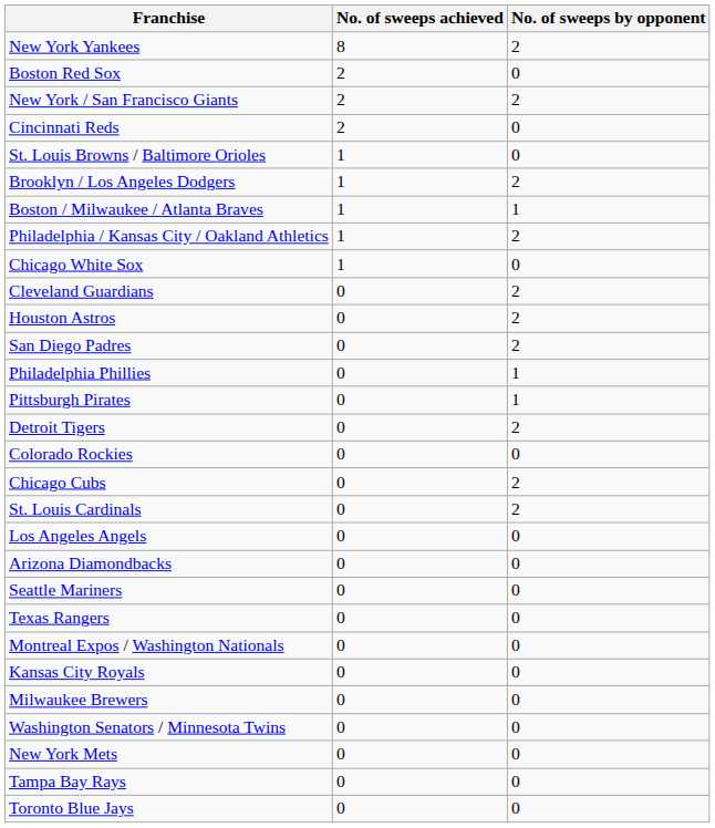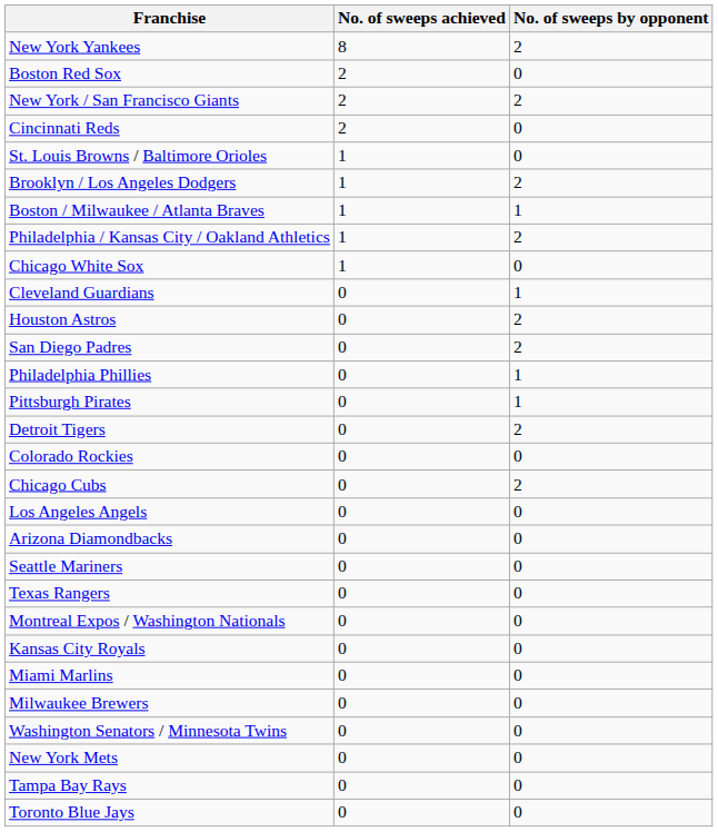 <table class="wikitable sortable plainrowheaders">
 <tr>
 <th scope="col">Franchise</th>
 <th scope="col">No. of sweeps achieved</th>
 <th scope="col">No. of sweeps by opponent</th>
 </tr>
 <tr>
 <td><a href='#'>New York Yankees</a></td>
 <td>8</td>
 <td>2</td>
 </tr>
 <tr>
 <td><a href='#'>Boston Red Sox</a></td>
 <td>2</td>
 <td>0</td>
 </tr>
 <tr>
 <td><a href='#'>New York / San Francisco Giants</a></td>
 <td>2</td>
 <td>2</td>
 </tr>
 <tr>
 <td><a href='#'>Cincinnati Reds</a></td>
 <td>2</td>
 <td>0</td>
 </tr>
 <tr>
 <td><a href='#'>St. Louis Browns</a> / <a href='#'>Baltimore Orioles</a></td>
 <td>1</td>
 <td>0</td>
 </tr>
 <tr>
 <td><a href='#'>Brooklyn / Los Angeles Dodgers</a></td>
 <td>1</td>
 <td>2</td>
 </tr>
 <tr>
 <td><a href='#'>Boston / Milwaukee / Atlanta Braves</a></td>
 <td>1</td>
 <td>1</td>
 </tr>
 <tr>
 <td><a href='#'>Philadelphia / Kansas City / Oakland Athletics</a></td>
 <td>1</td>
 <td>2</td>
 </tr>
 <tr>
 <td><a href='#'>Chicago White Sox</a></td>
 <td>1</td>
 <td>0</td>
 </tr>
 <tr>
 <td><a href='#'>Cleveland Guardians</a></td>
 <td>0</td>
-<td>2</td>
+<td>1</td>
 </tr>
 <tr>
 <td><a href='#'>Houston Astros</a></td>
 <td>0</td>
 <td>2</td>
 </tr>
 <tr>
 <td><a href='#'>San Diego Padres</a></td>
 <td>0</td>
 <td>2</td>
 </tr>
 <tr>
 <td><a href='#'>Philadelphia Phillies</a></td>
 <td>0</td>
 <td>1</td>
 </tr>
 <tr>
 <td><a href='#'>Pittsburgh Pirates</a></td>
 <td>0</td>
 <td>1</td>
 </tr>
 <tr>
 <td><a href='#'>Detroit Tigers</a></td>
 <td>0</td>
 <td>2</td>
 </tr>
 <tr>
 <td><a href='#'>Colorado Rockies</a></td>
 <td>0</td>
 <td>0</td>
 </tr>
 <tr>
 <td><a href='#'>Chicago Cubs</a></td>
 <td>0</td>
 <td>2</td>
 </tr>
 <tr>
-<td><a href='#'>St. Louis Cardinals</a></td>
-<td>0</td>
-<td>2</td>
-</tr>
-<tr>
 <td><a href='#'>Los Angeles Angels</a></td>
 <td>0</td>
 <td>0</td>
 </tr>
 <tr>
 <td><a href='#'>Arizona Diamondbacks</a></td>
 <td>0</td>
 <td>0</td>
 </tr>
 <tr>
 <td><a href='#'>Seattle Mariners</a></td>
 <td>0</td>
 <td>0</td>
 </tr>
 <tr>
 <td><a href='#'>Texas Rangers</a></td>
 <td>0</td>
 <td>0</td>
 </tr>
 <tr>
 <td><a href='#'>Montreal Expos</a> / <a href='#'>Washington Nationals</a></td>
 <td>0</td>
 <td>0</td>
 </tr>
 <tr>
 <td><a href='#'>Kansas City Royals</a></td>
 <td>0</td>
 <td>0</td>
 </tr>
 <tr>
+<td><a href='#'>Miami Marlins</a></td>
+<td>0</td>
+<td>0</td>
+</tr>
+<tr>
 <td><a href='#'>Milwaukee Brewers</a></td>
 <td>0</td>
 <td>0</td>
 </tr>
 <tr>
 <td><a href='#'>Washington Senators</a> / <a href='#'>Minnesota Twins</a></td>
 <td>0</td>
 <td>0</td>
 </tr>
 <tr>
 <td><a href='#'>New York Mets</a></td>
 <td>0</td>
 <td>0</td>
 </tr>
 <tr>
 <td><a href='#'>Tampa Bay Rays</a></td>
 <td>0</td>
 <td>0</td>
 </tr>
 <tr>
 <td><a href='#'>Toronto Blue Jays</a></td>
 <td>0</td>
 <td>0</td>
 </tr>
 </table>
